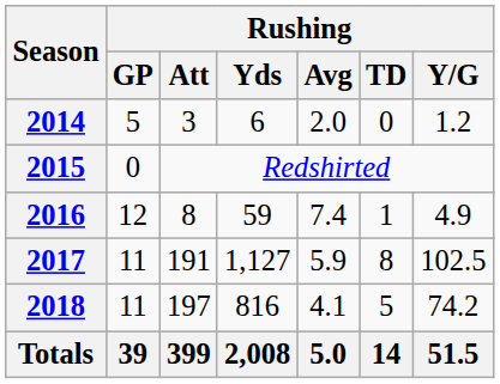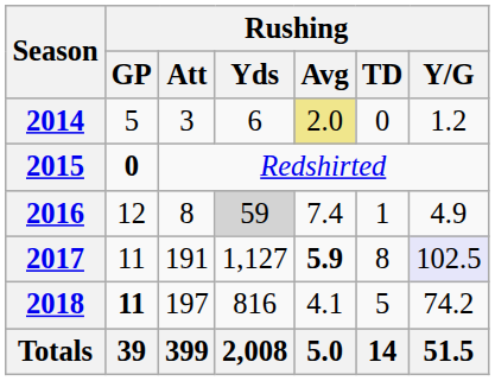 <table class="wikitable" style="text-align:center;">
 <tr>
 <th rowspan="2">Season</th>
 <th colspan="6">Rushing</th>
 </tr>
 <tr>
 <th>GP</th>
 <th>Att</th>
 <th>Yds</th>
 <th>Avg</th>
 <th>TD</th>
 <th>Y/G</th>
 </tr>
 <tr>
 <th><a href='#'>2014</a></th>
 <td>5</td>
 <td>3</td>
 <td>6</td>
-<td>2.0</td>
+<td style="background: khaki;">2.0</td>
 <td>0</td>
 <td>1.2</td>
 </tr>
 <tr>
 <th><a href='#'>2015</a></th>
-<td>0</td>
+<td><strong>0</strong></td>
 <td colspan="5"><em><a href='#'>Redshirted</a></em></td>
 </tr>
 <tr>
 <th><a href='#'>2016</a></th>
 <td>12</td>
 <td>8</td>
-<td>59</td>
+<td style="background: lightgrey;">59</td>
 <td>7.4</td>
 <td>1</td>
 <td>4.9</td>
 </tr>
 <tr>
 <th><a href='#'>2017</a></th>
 <td>11</td>
 <td>191</td>
 <td>1,127</td>
-<td>5.9</td>
+<td><strong>5.9</strong></td>
 <td>8</td>
-<td>102.5</td>
+<td style="background: lavender;">102.5</td>
 </tr>
 <tr>
 <th><a href='#'>2018</a></th>
-<td>11</td>
+<td><strong>11</strong></td>
 <td>197</td>
 <td>816</td>
 <td>4.1</td>
 <td>5</td>
 <td>74.2</td>
 </tr>
 <tr>
 <th>Totals</th>
 <th>39</th>
 <th>399</th>
 <th>2,008</th>
 <th>5.0</th>
 <th>14</th>
 <th>51.5</th>
 </tr>
 </table>
